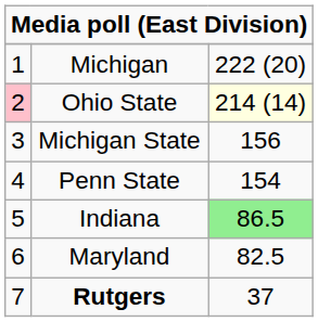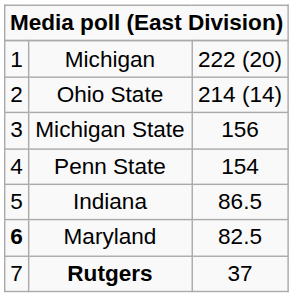 <table class="wikitable" style="display: inline-table;">
 <tr>
 <td align="center" Colspan="3"><strong>Media poll (East Division)</strong></td>
 </tr>
 <tr align="center">
 </tr>
 <tr align="center">
 <td>1</td>
 <td>Michigan</td>
 <td>222 (20)</td>
 </tr>
 <tr align="center">
-<td style="background: pink;">2</td>
+<td>2</td>
 <td>Ohio State</td>
-<td style="background: lightyellow;">214 (14)</td>
+<td>214 (14)</td>
 </tr>
 <tr align="center">
 <td>3</td>
 <td>Michigan State</td>
 <td>156</td>
 </tr>
 <tr align="center">
 <td>4</td>
 <td>Penn State</td>
 <td>154</td>
 </tr>
 <tr align="center">
 <td>5</td>
 <td>Indiana</td>
-<td style="background: lightgreen;">86.5</td>
+<td>86.5</td>
 </tr>
 <tr align="center">
-<td>6</td>
+<td><strong>6</strong></td>
 <td>Maryland</td>
 <td>82.5</td>
 </tr>
 <tr align="center">
 <td>7</td>
 <td><strong>Rutgers</strong></td>
 <td>37</td>
 </tr>
 </table>
